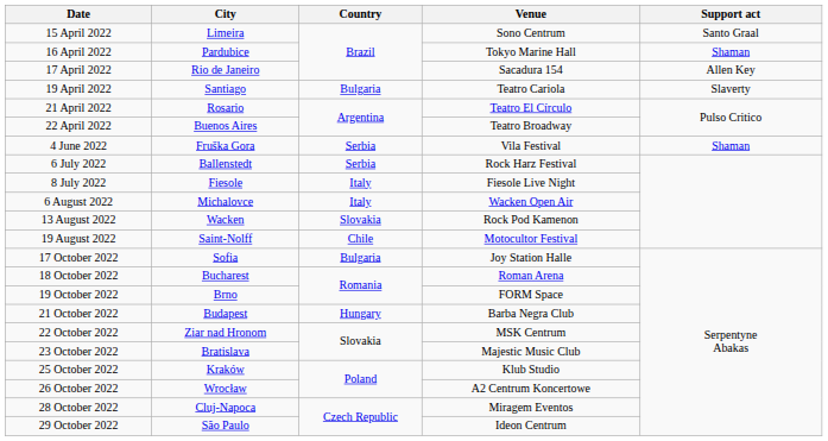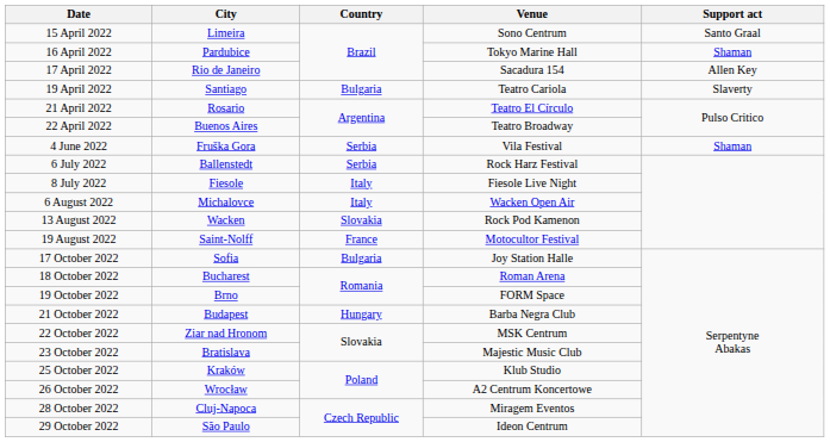 <table class="wikitable plainrowheaders" style="text-align:center;">
 <tr>
 <th scope="col" style="width:12em;">Date</th>
 <th scope="col" style="width:12em;">City</th>
 <th scope="col" style="width:10em;">Country</th>
 <th scope="col" style="width:18em;">Venue</th>
 <th scope="col" style="width:15em;">Support act</th>
 </tr>
 <tr>
 <td style="text-align:center">15 April 2022</td>
 <td style="text-align:center"><a href='#'>Limeira</a></td>
 <td style="text-align:center" rowspan="3"><a href='#'>Brazil</a></td>
 <td style="text-align:center">Sono Centrum</td>
 <td style="text-align:center">Santo Graal</td>
 </tr>
 <tr>
 <td style="text-align:center">16 April 2022</td>
 <td style="text-align:center"><a href='#'>Pardubice</a></td>
 <td style="text-align:center">Tokyo Marine Hall</td>
 <td style="text-align:center"><a href='#'>Shaman</a></td>
 </tr>
 <tr>
 <td style="text-align:center">17 April 2022</td>
 <td style="text-align:center"><a href='#'>Rio de Janeiro</a></td>
 <td style="text-align:center">Sacadura 154</td>
 <td style="text-align:center">Allen Key</td>
 </tr>
 <tr>
 <td style="text-align:center">19 April 2022</td>
 <td style="text-align:center"><a href='#'>Santiago</a></td>
 <td style="text-align:center"><a href='#'>Bulgaria</a></td>
 <td style="text-align:center">Teatro Cariola</td>
 <td style="text-align:center">Slaverty</td>
 </tr>
 <tr>
 <td style="text-align:center">21 April 2022</td>
 <td style="text-align:center"><a href='#'>Rosario</a></td>
 <td style="text-align:center" rowspan="2"><a href='#'>Argentina</a></td>
 <td style="text-align:center"><a href='#'>Teatro El Círculo</a></td>
 <td style="text-align:center" rowspan="2">Pulso Critico</td>
 </tr>
 <tr>
 <td style="text-align:center">22 April 2022</td>
 <td style="text-align:center"><a href='#'>Buenos Aires</a></td>
 <td style="text-align:center">Teatro Broadway</td>
 </tr>
 <tr>
 <td style="text-align:center">4 June 2022</td>
 <td style="text-align:center"><a href='#'>Fruška Gora</a></td>
 <td style="text-align:center"><a href='#'>Serbia</a></td>
 <td style="text-align:center">Vila Festival</td>
 <td style="text-align:center"><a href='#'>Shaman</a></td>
 </tr>
 <tr>
 <td style="text-align:center">6 July 2022</td>
 <td style="text-align:center"><a href='#'>Ballenstedt</a></td>
 <td style="text-align:center"><a href='#'>Serbia</a></td>
 <td style="text-align:center">Rock Harz Festival</td>
 </tr>
 <tr>
 <td style="text-align:center">8 July 2022</td>
 <td style="text-align:center"><a href='#'>Fiesole</a></td>
 <td style="text-align:center"><a href='#'>Italy</a></td>
 <td style="text-align:center">Fiesole Live Night</td>
 </tr>
 <tr>
 <td style="text-align:center">6 August 2022</td>
 <td style="text-align:center"><a href='#'>Michalovce</a></td>
 <td style="text-align:center"><a href='#'>Italy</a></td>
 <td style="text-align:center"><a href='#'>Wacken Open Air</a></td>
 </tr>
 <tr>
 <td style="text-align:center">13 August 2022</td>
 <td style="text-align:center"><a href='#'>Wacken</a></td>
 <td style="text-align:center"><a href='#'>Slovakia</a></td>
 <td style="text-align:center">Rock Pod Kamenon</td>
 </tr>
 <tr>
 <td style="text-align:center">19 August 2022</td>
 <td style="text-align:center"><a href='#'>Saint-Nolff</a></td>
-<td style="text-align:center"><a href='#'>Chile</a></td>
+<td style="text-align:center"><a href='#'>France</a></td>
 <td style="text-align:center"><a href='#'>Motocultor Festival</a></td>
 </tr>
 <tr>
 <td style="text-align:center">17 October 2022</td>
 <td style="text-align:center"><a href='#'>Sofia</a></td>
 <td style="text-align:center"><a href='#'>Bulgaria</a></td>
 <td style="text-align:center">Joy Station Halle</td>
 <td style="text-align:center" rowspan="10">Serpentyne<br>Abakas</td>
 </tr>
 <tr>
 <td style="text-align:center">18 October 2022</td>
 <td style="text-align:center"><a href='#'>Bucharest</a></td>
 <td style="text-align:center" rowspan="2"><a href='#'>Romania</a></td>
 <td style="text-align:center"><a href='#'>Roman Arena</a></td>
 </tr>
 <tr>
 <td style="text-align:center">19 October 2022</td>
 <td style="text-align:center"><a href='#'>Brno</a></td>
 <td style="text-align:center">FORM Space</td>
 </tr>
 <tr>
 <td style="text-align:center">21 October 2022</td>
 <td style="text-align:center"><a href='#'>Budapest</a></td>
 <td style="text-align:center"><a href='#'>Hungary</a></td>
 <td style="text-align:center">Barba Negra Club</td>
 </tr>
 <tr>
 <td style="text-align:center">22 October 2022</td>
 <td style="text-align:center"><a href='#'>Ziar nad Hronom</a></td>
 <td style="text-align:center" rowspan="2">Slovakia</td>
 <td style="text-align:center">MSK Centrum</td>
 </tr>
 <tr>
 <td style="text-align:center">23 October 2022</td>
 <td style="text-align:center"><a href='#'>Bratislava</a></td>
 <td style="text-align:center">Majestic Music Club</td>
 </tr>
 <tr>
 <td style="text-align:center">25 October 2022</td>
 <td style="text-align:center"><a href='#'>Kraków</a></td>
 <td style="text-align:center" rowspan="2"><a href='#'>Poland</a></td>
 <td style="text-align:center">Klub Studio</td>
 </tr>
 <tr>
 <td style="text-align:center">26 October 2022</td>
 <td style="text-align:center"><a href='#'>Wrocław</a></td>
 <td style="text-align:center">A2 Centrum Koncertowe</td>
 </tr>
 <tr>
 <td style="text-align:center">28 October 2022</td>
 <td style="text-align:center"><a href='#'>Cluj-Napoca</a></td>
 <td style="text-align:center" rowspan="2"><a href='#'>Czech Republic</a></td>
 <td style="text-align:center">Miragem Eventos</td>
 </tr>
 <tr>
 <td style="text-align:center">29 October 2022</td>
 <td style="text-align:center"><a href='#'>São Paulo</a></td>
 <td style="text-align:center">Ideon Centrum</td>
 </tr>
 </table>
